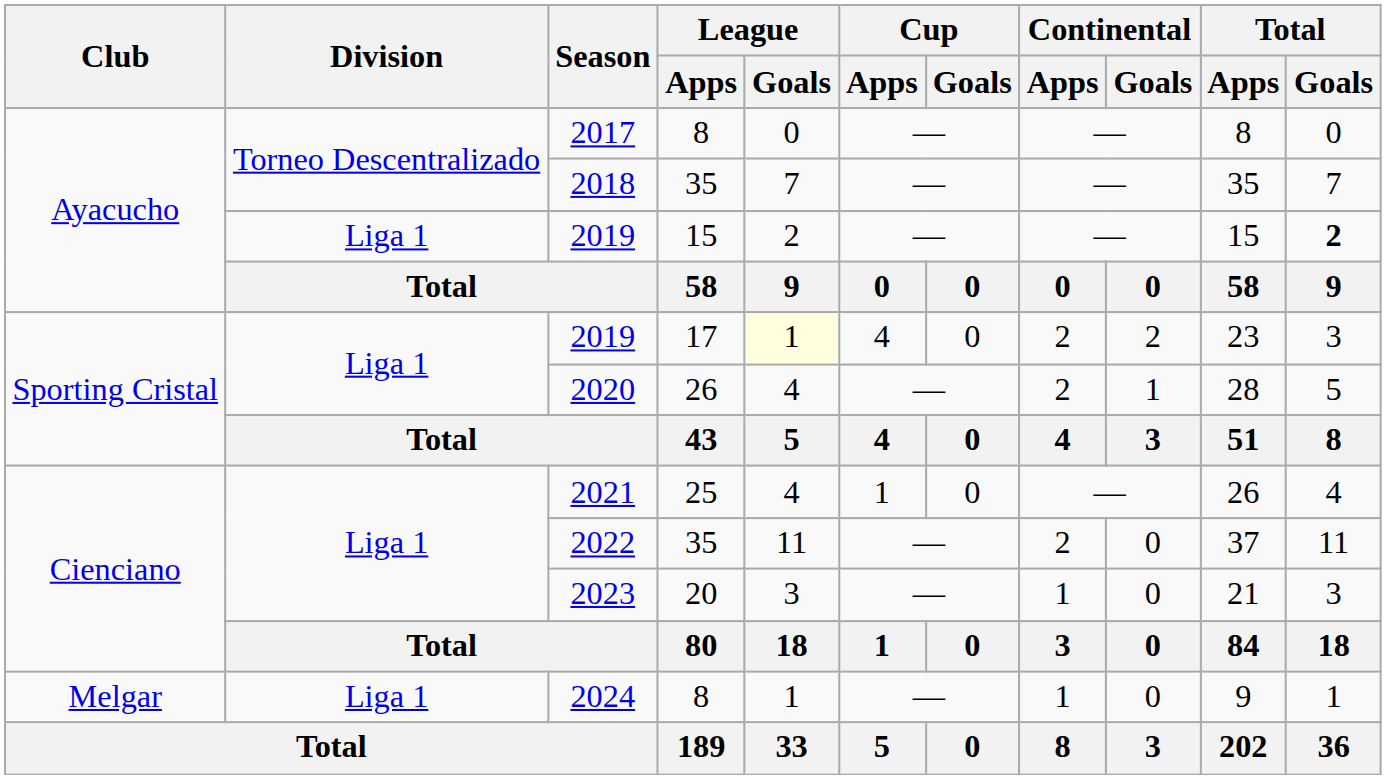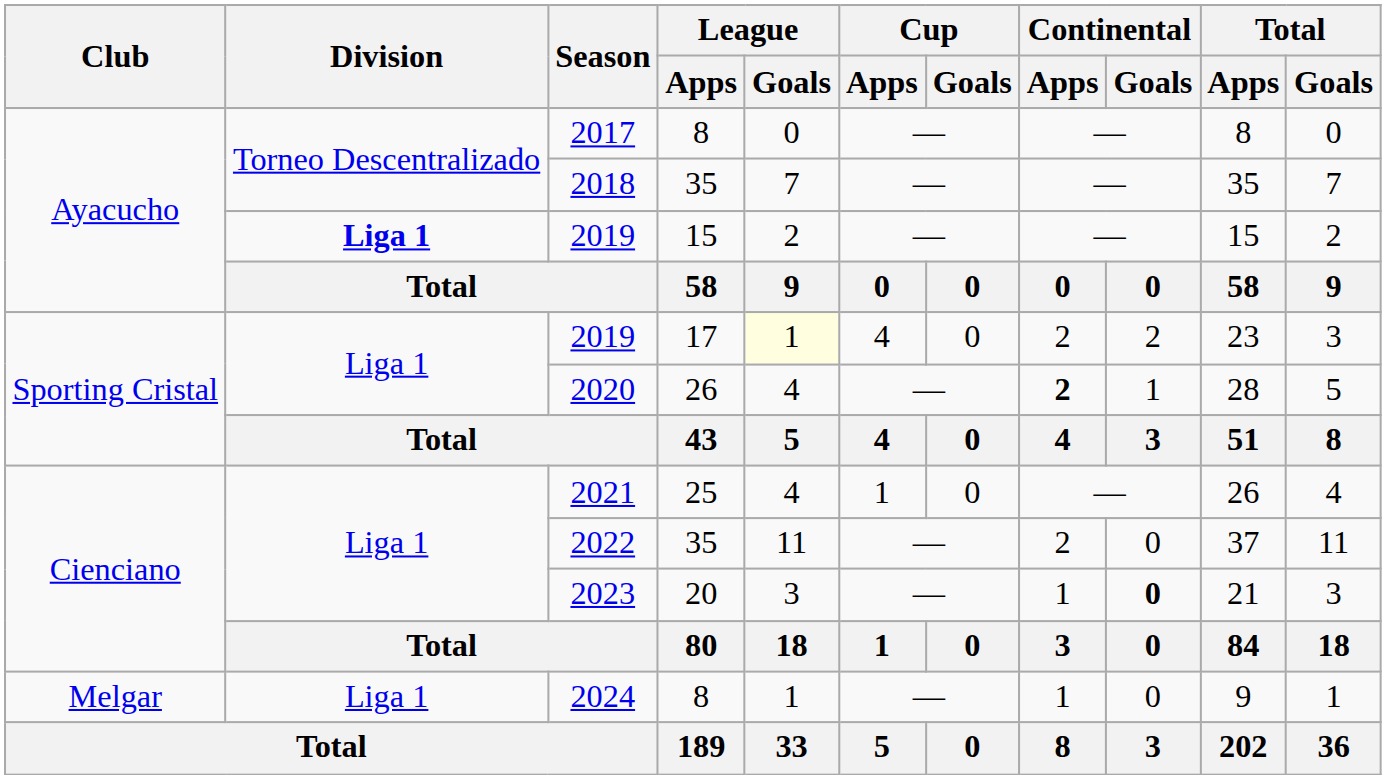 <table class="wikitable" style="text-align:center">
 <tr>
 <th rowspan="2">Club</th>
 <th rowspan="2">Division</th>
 <th rowspan="2">Season</th>
 <th colspan="2">League</th>
 <th colspan="2">Cup</th>
 <th colspan="2">Continental</th>
 <th colspan="2">Total</th>
 </tr>
 <tr>
 <th>Apps</th>
 <th>Goals</th>
 <th>Apps</th>
 <th>Goals</th>
 <th>Apps</th>
 <th>Goals</th>
 <th>Apps</th>
 <th>Goals</th>
 </tr>
 <tr>
 <td rowspan="4"><a href='#'>Ayacucho</a></td>
 <td rowspan="2"><a href='#'>Torneo Descentralizado</a></td>
 <td><a href='#'>2017</a></td>
 <td>8</td>
 <td>0</td>
 <td colspan="2">—</td>
 <td colspan="2">—</td>
 <td>8</td>
 <td>0</td>
 </tr>
 <tr>
 <td><a href='#'>2018</a></td>
 <td>35</td>
 <td>7</td>
 <td colspan="2">—</td>
 <td colspan="2">—</td>
 <td>35</td>
 <td>7</td>
 </tr>
 <tr>
-<td><a href='#'>Liga 1</a></td>
+<td><strong><a href='#'>Liga 1</a></strong></td>
 <td><a href='#'>2019</a></td>
 <td>15</td>
 <td>2</td>
 <td colspan="2">—</td>
 <td colspan="2">—</td>
 <td>15</td>
-<td><strong>2</strong></td>
+<td>2</td>
 </tr>
 <tr>
 <th colspan="2">Total</th>
 <th>58</th>
 <th>9</th>
 <th>0</th>
 <th>0</th>
 <th>0</th>
 <th>0</th>
 <th>58</th>
 <th>9</th>
 </tr>
 <tr>
 <td rowspan="3"><a href='#'>Sporting Cristal</a></td>
 <td rowspan="2"><a href='#'>Liga 1</a></td>
 <td><a href='#'>2019</a></td>
 <td>17</td>
 <td style="background: lightyellow;">1</td>
 <td>4</td>
 <td>0</td>
 <td>2</td>
 <td>2</td>
 <td>23</td>
 <td>3</td>
 </tr>
 <tr>
 <td><a href='#'>2020</a></td>
 <td>26</td>
 <td>4</td>
 <td colspan="2">—</td>
-<td>2</td>
+<td><strong>2</strong></td>
 <td>1</td>
 <td>28</td>
 <td>5</td>
 </tr>
 <tr>
 <th colspan="2">Total</th>
 <th>43</th>
 <th>5</th>
 <th>4</th>
 <th>0</th>
 <th>4</th>
 <th>3</th>
 <th>51</th>
 <th>8</th>
 </tr>
 <tr>
 <td rowspan="4"><a href='#'>Cienciano</a></td>
 <td rowspan="3"><a href='#'>Liga 1</a></td>
 <td><a href='#'>2021</a></td>
 <td>25</td>
 <td>4</td>
 <td>1</td>
 <td>0</td>
 <td colspan="2">—</td>
 <td>26</td>
 <td>4</td>
 </tr>
 <tr>
 <td><a href='#'>2022</a></td>
 <td>35</td>
 <td>11</td>
 <td colspan="2">—</td>
 <td>2</td>
 <td>0</td>
 <td>37</td>
 <td>11</td>
 </tr>
 <tr>
 <td><a href='#'>2023</a></td>
 <td>20</td>
 <td>3</td>
 <td colspan="2">—</td>
 <td>1</td>
-<td>0</td>
+<td><strong>0</strong></td>
 <td>21</td>
 <td>3</td>
 </tr>
 <tr>
 <th colspan="2">Total</th>
 <th>80</th>
 <th>18</th>
 <th>1</th>
 <th>0</th>
 <th>3</th>
 <th>0</th>
 <th>84</th>
 <th>18</th>
 </tr>
 <tr>
 <td><a href='#'>Melgar</a></td>
 <td><a href='#'>Liga 1</a></td>
 <td><a href='#'>2024</a></td>
 <td>8</td>
 <td>1</td>
 <td colspan="2">—</td>
 <td>1</td>
 <td>0</td>
 <td>9</td>
 <td>1</td>
 </tr>
 <tr>
 <th colspan="3">Total</th>
 <th>189</th>
 <th>33</th>
 <th>5</th>
 <th>0</th>
 <th>8</th>
 <th>3</th>
 <th>202</th>
 <th>36</th>
 </tr>
 </table>
